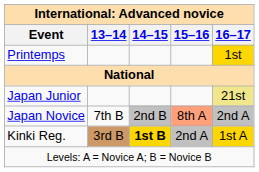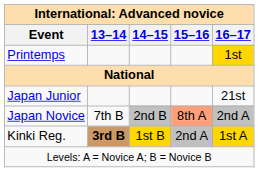 <table class="wikitable" style="text-align:center">
 <tr>
 <th colspan="6" style="background-color: #ffdead; " align="center">International: Advanced novice</th>
 </tr>
 <tr>
 <th>Event</th>
 <th><a href='#'>13–14</a></th>
 <th><a href='#'>14–15</a></th>
 <th><a href='#'>15–16</a></th>
 <th><a href='#'>16–17</a></th>
 </tr>
 <tr>
 <td align=left><a href='#'>Printemps</a></td>
 <td></td>
 <td></td>
 <td></td>
 <td bgcolor=gold>1st</td>
 </tr>
 <tr>
 <th colspan="6" style="background-color: #ffdead; " align="center">National</th>
 </tr>
 <tr>
 <td align=left><a href='#'>Japan Junior</a></td>
 <td></td>
 <td></td>
 <td></td>
-<td style="background: khaki;">21st</td>
+<td>21st</td>
 </tr>
 <tr>
 <td align=left><a href='#'>Japan Novice</a></td>
 <td>7th B</td>
 <td bgcolor=silver>2nd B</td>
 <td style="background: lightsalmon;">8th A</td>
 <td bgcolor=silver>2nd A</td>
 </tr>
 <tr>
 <td align=left>Kinki Reg.</td>
-<td bgcolor=cc9966>3rd B</td>
-<td bgcolor=gold><strong>1st B</strong></td>
+<td bgcolor=cc9966><strong>3rd B</strong></td>
+<td bgcolor=gold>1st B</td>
 <td bgcolor=silver>2nd A</td>
 <td bgcolor=gold>1st A</td>
 </tr>
 <tr>
 <td colspan="10" align="center"><small>Levels: A = Novice A; B = Novice B</small></td>
 </tr>
 </table>
